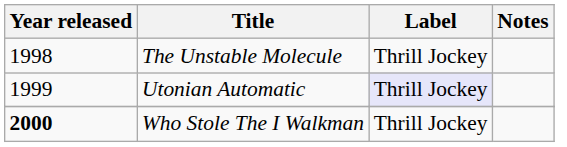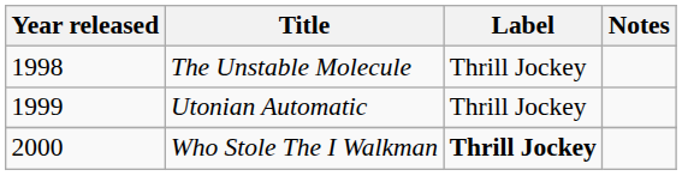 <table class="wikitable sortable">
 <tr>
 <th>Year released</th>
 <th>Title</th>
 <th>Label</th>
 <th>Notes</th>
 </tr>
 <tr>
 <td>1998</td>
 <td><em>The Unstable Molecule</em></td>
 <td>Thrill Jockey</td>
 <td></td>
 </tr>
 <tr>
 <td>1999</td>
 <td><em>Utonian Automatic</em></td>
-<td style="background: lavender;">Thrill Jockey</td>
+<td>Thrill Jockey</td>
 <td></td>
 </tr>
 <tr>
 </tr>
 <tr>
-<td><strong>2000</strong></td>
+<td>2000</td>
 <td><em>Who Stole The I Walkman</em></td>
-<td>Thrill Jockey</td>
+<td><strong>Thrill Jockey</strong></td>
 <td></td>
 </tr>
 </table>
